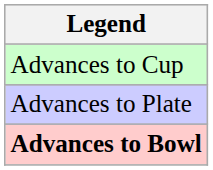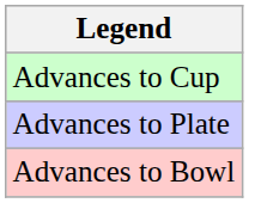 <table class="wikitable">
 <tr>
 <th>Legend</th>
 </tr>
 <tr bgcolor=ccffcc>
 <td>Advances to Cup</td>
 </tr>
 <tr bgcolor=ccccff>
 <td>Advances to Plate</td>
 </tr>
 <tr bgcolor=ffcccc>
-<td><strong>Advances to Bowl</strong></td>
+<td>Advances to Bowl</td>
 </tr>
 </table>
